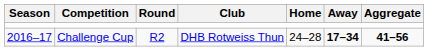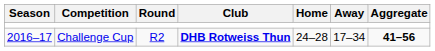 <table class="wikitable">
 <tr>
 <th>Season</th>
 <th>Competition</th>
 <th>Round</th>
 <th>Club</th>
 <th>Home</th>
 <th>Away</th>
 <th>Aggregate</th>
 </tr>
 <tr>
 <td colspan="7" bgcolor=white></td>
 </tr>
 <tr>
 <td><a href='#'>2016–17</a></td>
 <td><a href='#'>Challenge Cup</a></td>
 <td style="text-align:center;"><a href='#'>R2</a></td>
-<td> <a href='#'>DHB Rotweiss Thun</a></td>
+<td><strong> <a href='#'>DHB Rotweiss Thun</a></strong></td>
 <td style="text-align:center;">24–28</td>
-<td style="text-align:center;"><strong>17–34</strong></td>
+<td style="text-align:center;">17–34</td>
 <td style="text-align:center;"><strong>41–56</strong></td>
 </tr>
 </table>
